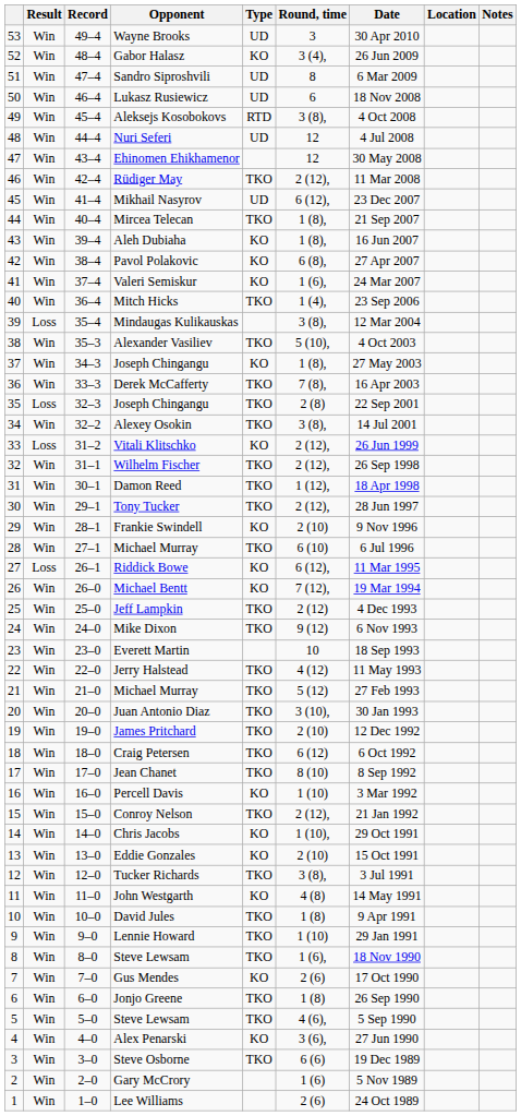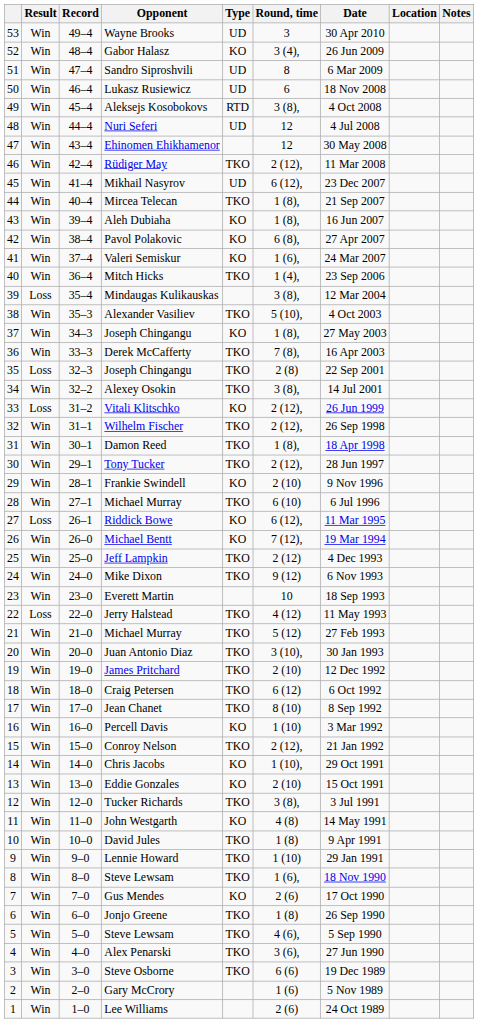 <table class="wikitable" style="text-align:center">
 <tr>
 <th></th>
 <th>Result</th>
 <th>Record</th>
 <th>Opponent</th>
 <th>Type</th>
 <th>Round, time</th>
 <th>Date</th>
 <th>Location</th>
 <th>Notes</th>
 </tr>
 <tr>
 <td>53</td>
 <td>Win</td>
 <td>49–4</td>
 <td style="text-align:left;">Wayne Brooks</td>
 <td>UD</td>
 <td>3</td>
 <td>30 Apr 2010</td>
 <td style="text-align:left;"></td>
 <td style="text-align:left;"></td>
 </tr>
 <tr>
 <td>52</td>
 <td>Win</td>
 <td>48–4</td>
 <td style="text-align:left;">Gabor Halasz</td>
 <td>KO</td>
 <td>3 (4), </td>
 <td>26 Jun 2009</td>
 <td style="text-align:left;"></td>
 <td></td>
 </tr>
 <tr>
 <td>51</td>
 <td>Win</td>
 <td>47–4</td>
 <td style="text-align:left;">Sandro Siproshvili</td>
 <td>UD</td>
 <td>8</td>
 <td>6 Mar 2009</td>
 <td style="text-align:left;"></td>
 <td></td>
 </tr>
 <tr>
 <td>50</td>
 <td>Win</td>
 <td>46–4</td>
 <td style="text-align:left;">Lukasz Rusiewicz</td>
 <td>UD</td>
 <td>6</td>
 <td>18 Nov 2008</td>
 <td style="text-align:left;"></td>
 <td></td>
 </tr>
 <tr>
 <td>49</td>
 <td>Win</td>
 <td>45–4</td>
 <td style="text-align:left;">Aleksejs Kosobokovs</td>
 <td>RTD</td>
 <td>3 (8), </td>
 <td>4 Oct 2008</td>
 <td style="text-align:left;"></td>
 <td></td>
 </tr>
 <tr>
 <td>48</td>
 <td>Win</td>
 <td>44–4</td>
 <td style="text-align:left;"><a href='#'>Nuri Seferi</a></td>
 <td>UD</td>
 <td>12</td>
 <td>4 Jul 2008</td>
 <td style="text-align:left;"></td>
 <td style="text-align:left;"></td>
 </tr>
 <tr>
 <td>47</td>
 <td>Win</td>
 <td>43–4</td>
 <td style="text-align:left;"><a href='#'>Ehinomen Ehikhamenor</a></td>
 <td></td>
 <td>12</td>
 <td>30 May 2008</td>
 <td style="text-align:left;"></td>
 <td style="text-align:left;"></td>
 </tr>
 <tr>
 <td>46</td>
 <td>Win</td>
 <td>42–4</td>
 <td style="text-align:left;"><a href='#'>Rüdiger May</a></td>
 <td>TKO</td>
 <td>2 (12), </td>
 <td>11 Mar 2008</td>
 <td style="text-align:left;"></td>
 <td style="text-align:left;"></td>
 </tr>
 <tr>
 <td>45</td>
 <td>Win</td>
 <td>41–4</td>
 <td style="text-align:left;">Mikhail Nasyrov</td>
 <td>UD</td>
 <td>6 (12), </td>
 <td>23 Dec 2007</td>
 <td style="text-align:left;"></td>
 <td style="text-align:left;"></td>
 </tr>
 <tr>
 <td>44</td>
 <td>Win</td>
 <td>40–4</td>
 <td style="text-align:left;">Mircea Telecan</td>
 <td>TKO</td>
 <td>1 (8), </td>
 <td>21 Sep 2007</td>
 <td style="text-align:left;"></td>
 <td></td>
 </tr>
 <tr>
 <td>43</td>
 <td>Win</td>
 <td>39–4</td>
 <td style="text-align:left;">Aleh Dubiaha</td>
 <td>KO</td>
 <td>1 (8), </td>
 <td>16 Jun 2007</td>
 <td style="text-align:left;"></td>
 <td></td>
 </tr>
 <tr>
 <td>42</td>
 <td>Win</td>
 <td>38–4</td>
 <td style="text-align:left;">Pavol Polakovic</td>
 <td>KO</td>
 <td>6 (8), </td>
 <td>27 Apr 2007</td>
 <td style="text-align:left;"></td>
 <td></td>
 </tr>
 <tr>
 <td>41</td>
 <td>Win</td>
 <td>37–4</td>
 <td style="text-align:left;">Valeri Semiskur</td>
 <td>KO</td>
 <td>1 (6), </td>
 <td>24 Mar 2007</td>
 <td style="text-align:left;"></td>
 <td></td>
 </tr>
 <tr>
 <td>40</td>
 <td>Win</td>
 <td>36–4</td>
 <td style="text-align:left;">Mitch Hicks</td>
 <td>TKO</td>
 <td>1 (4), </td>
 <td>23 Sep 2006</td>
 <td style="text-align:left;"></td>
 <td></td>
 </tr>
 <tr>
 <td>39</td>
 <td>Loss</td>
 <td>35–4</td>
 <td style="text-align:left;">Mindaugas Kulikauskas</td>
 <td></td>
 <td>3 (8), </td>
 <td>12 Mar 2004</td>
 <td style="text-align:left;"></td>
 <td></td>
 </tr>
 <tr>
 <td>38</td>
 <td>Win</td>
 <td>35–3</td>
 <td style="text-align:left;">Alexander Vasiliev</td>
 <td>TKO</td>
 <td>5 (10), </td>
 <td>4 Oct 2003</td>
 <td style="text-align:left;"></td>
 <td></td>
 </tr>
 <tr>
 <td>37</td>
 <td>Win</td>
 <td>34–3</td>
 <td style="text-align:left;">Joseph Chingangu</td>
 <td>KO</td>
 <td>1 (8), </td>
 <td>27 May 2003</td>
 <td style="text-align:left;"></td>
 <td></td>
 </tr>
 <tr>
 <td>36</td>
 <td>Win</td>
 <td>33–3</td>
 <td style="text-align:left;">Derek McCafferty</td>
 <td>TKO</td>
 <td>7 (8), </td>
 <td>16 Apr 2003</td>
 <td style="text-align:left;"></td>
 <td></td>
 </tr>
 <tr>
 <td>35</td>
 <td>Loss</td>
 <td>32–3</td>
 <td style="text-align:left;">Joseph Chingangu</td>
 <td>TKO</td>
 <td>2 (8)</td>
 <td>22 Sep 2001</td>
 <td style="text-align:left;"></td>
 <td></td>
 </tr>
 <tr>
 <td>34</td>
 <td>Win</td>
 <td>32–2</td>
 <td style="text-align:left;">Alexey Osokin</td>
 <td>TKO</td>
 <td>3 (8), </td>
 <td>14 Jul 2001</td>
 <td style="text-align:left;"></td>
 <td></td>
 </tr>
 <tr>
 <td>33</td>
 <td>Loss</td>
 <td>31–2</td>
 <td style="text-align:left;"><a href='#'>Vitali Klitschko</a></td>
 <td>KO</td>
 <td>2 (12), </td>
 <td><a href='#'>26 Jun 1999</a></td>
 <td style="text-align:left;"></td>
 <td style="text-align:left;"></td>
 </tr>
 <tr>
 <td>32</td>
 <td>Win</td>
 <td>31–1</td>
 <td style="text-align:left;"><a href='#'>Wilhelm Fischer</a></td>
 <td>TKO</td>
 <td>2 (12), </td>
 <td>26 Sep 1998</td>
 <td style="text-align:left;"></td>
 <td style="text-align:left;"></td>
 </tr>
 <tr>
 <td>31</td>
 <td>Win</td>
 <td>30–1</td>
 <td style="text-align:left;">Damon Reed</td>
 <td>TKO</td>
-<td>1 (12), </td>
+<td>1 (8), </td>
 <td><a href='#'>18 Apr 1998</a></td>
 <td style="text-align:left;"></td>
 <td style="text-align:left;"></td>
 </tr>
 <tr>
 <td>30</td>
 <td>Win</td>
 <td>29–1</td>
 <td style="text-align:left;"><a href='#'>Tony Tucker</a></td>
 <td>TKO</td>
 <td>2 (12), </td>
 <td>28 Jun 1997</td>
 <td style="text-align:left;"></td>
 <td style="text-align:left;"></td>
 </tr>
 <tr>
 <td>29</td>
 <td>Win</td>
 <td>28–1</td>
 <td style="text-align:left;">Frankie Swindell</td>
 <td>KO</td>
 <td>2 (10)</td>
 <td>9 Nov 1996</td>
 <td style="text-align:left;"></td>
 <td></td>
 </tr>
 <tr>
 <td>28</td>
 <td>Win</td>
 <td>27–1</td>
 <td style="text-align:left;">Michael Murray</td>
 <td>TKO</td>
 <td>6 (10)</td>
 <td>6 Jul 1996</td>
 <td style="text-align:left;"></td>
 <td></td>
 </tr>
 <tr>
 <td>27</td>
 <td>Loss</td>
 <td>26–1</td>
 <td style="text-align:left;"><a href='#'>Riddick Bowe</a></td>
 <td>KO</td>
 <td>6 (12), </td>
 <td><a href='#'>11 Mar 1995</a></td>
 <td style="text-align:left;"></td>
 <td style="text-align:left;"></td>
 </tr>
 <tr>
 <td>26</td>
 <td>Win</td>
 <td>26–0</td>
 <td style="text-align:left;"><a href='#'>Michael Bentt</a></td>
 <td>KO</td>
 <td>7 (12), </td>
 <td><a href='#'>19 Mar 1994</a></td>
 <td style="text-align:left;"></td>
 <td style="text-align:left;"></td>
 </tr>
 <tr>
 <td>25</td>
 <td>Win</td>
 <td>25–0</td>
 <td style="text-align:left;"><a href='#'>Jeff Lampkin</a></td>
 <td>TKO</td>
 <td>2 (12)</td>
 <td>4 Dec 1993</td>
 <td style="text-align:left;"></td>
 <td style="text-align:left;"></td>
 </tr>
 <tr>
 <td>24</td>
 <td>Win</td>
 <td>24–0</td>
 <td style="text-align:left;">Mike Dixon</td>
 <td>TKO</td>
 <td>9 (12)</td>
 <td>6 Nov 1993</td>
 <td style="text-align:left;"></td>
 <td style="text-align:left;"></td>
 </tr>
 <tr>
 <td>23</td>
 <td>Win</td>
 <td>23–0</td>
 <td style="text-align:left;">Everett Martin</td>
 <td></td>
 <td>10</td>
 <td>18 Sep 1993</td>
 <td style="text-align:left;"></td>
 <td></td>
 </tr>
 <tr>
 <td>22</td>
-<td>Win</td>
+<td>Loss</td>
 <td>22–0</td>
 <td style="text-align:left;">Jerry Halstead</td>
 <td>TKO</td>
 <td>4 (12)</td>
 <td>11 May 1993</td>
 <td style="text-align:left;"></td>
 <td style="text-align:left;"></td>
 </tr>
 <tr>
 <td>21</td>
 <td>Win</td>
 <td>21–0</td>
 <td style="text-align:left;">Michael Murray</td>
 <td>TKO</td>
 <td>5 (12)</td>
 <td>27 Feb 1993</td>
 <td style="text-align:left;"></td>
 <td style="text-align:left;"></td>
 </tr>
 <tr>
 <td>20</td>
 <td>Win</td>
 <td>20–0</td>
 <td style="text-align:left;">Juan Antonio Diaz</td>
 <td>TKO</td>
 <td>3 (10), </td>
 <td>30 Jan 1993</td>
 <td style="text-align:left;"></td>
 <td style="text-align:left;"></td>
 </tr>
 <tr>
 <td>19</td>
 <td>Win</td>
 <td>19–0</td>
 <td style="text-align:left;"><a href='#'>James Pritchard</a></td>
 <td>TKO</td>
 <td>2 (10)</td>
 <td>12 Dec 1992</td>
 <td style="text-align:left;"></td>
 <td></td>
 </tr>
 <tr>
 <td>18</td>
 <td>Win</td>
 <td>18–0</td>
 <td style="text-align:left;">Craig Petersen</td>
 <td>TKO</td>
 <td>6 (12)</td>
 <td>6 Oct 1992</td>
 <td style="text-align:left;"></td>
 <td style="text-align:left;"></td>
 </tr>
 <tr>
 <td>17</td>
 <td>Win</td>
 <td>17–0</td>
 <td style="text-align:left;">Jean Chanet</td>
 <td>TKO</td>
 <td>8 (10)</td>
 <td>8 Sep 1992</td>
 <td style="text-align:left;"></td>
 <td></td>
 </tr>
 <tr>
 <td>16</td>
 <td>Win</td>
 <td>16–0</td>
 <td style="text-align:left;">Percell Davis</td>
 <td>KO</td>
 <td>1 (10)</td>
 <td>3 Mar 1992</td>
 <td style="text-align:left;"></td>
 <td></td>
 </tr>
 <tr>
 <td>15</td>
 <td>Win</td>
 <td>15–0</td>
 <td style="text-align:left;">Conroy Nelson</td>
 <td>TKO</td>
 <td>2 (12), </td>
 <td>21 Jan 1992</td>
 <td style="text-align:left;"></td>
 <td style="text-align:left;"></td>
 </tr>
 <tr>
 <td>14</td>
 <td>Win</td>
 <td>14–0</td>
 <td style="text-align:left;">Chris Jacobs</td>
 <td>KO</td>
 <td>1 (10), </td>
 <td>29 Oct 1991</td>
 <td style="text-align:left;"></td>
 <td></td>
 </tr>
 <tr>
 <td>13</td>
 <td>Win</td>
 <td>13–0</td>
 <td style="text-align:left;">Eddie Gonzales</td>
 <td>KO</td>
 <td>2 (10)</td>
 <td>15 Oct 1991</td>
 <td style="text-align:left;"></td>
 <td></td>
 </tr>
 <tr>
 <td>12</td>
 <td>Win</td>
 <td>12–0</td>
 <td style="text-align:left;">Tucker Richards</td>
 <td>TKO</td>
 <td>3 (8), </td>
 <td>3 Jul 1991</td>
 <td style="text-align:left;"></td>
 <td></td>
 </tr>
 <tr>
 <td>11</td>
 <td>Win</td>
 <td>11–0</td>
 <td style="text-align:left;">John Westgarth</td>
 <td>KO</td>
 <td>4 (8)</td>
 <td>14 May 1991</td>
 <td style="text-align:left;"></td>
 <td></td>
 </tr>
 <tr>
 <td>10</td>
 <td>Win</td>
 <td>10–0</td>
 <td style="text-align:left;">David Jules</td>
 <td>TKO</td>
 <td>1 (8)</td>
 <td>9 Apr 1991</td>
 <td style="text-align:left;"></td>
 <td></td>
 </tr>
 <tr>
 <td>9</td>
 <td>Win</td>
 <td>9–0</td>
 <td style="text-align:left;">Lennie Howard</td>
 <td>TKO</td>
 <td>1 (10)</td>
 <td>29 Jan 1991</td>
 <td style="text-align:left;"></td>
 <td></td>
 </tr>
 <tr>
 <td>8</td>
 <td>Win</td>
 <td>8–0</td>
 <td style="text-align:left;">Steve Lewsam</td>
 <td>TKO</td>
 <td>1 (6), </td>
 <td><a href='#'>18 Nov 1990</a></td>
 <td style="text-align:left;"></td>
 <td></td>
 </tr>
 <tr>
 <td>7</td>
 <td>Win</td>
 <td>7–0</td>
 <td style="text-align:left;">Gus Mendes</td>
 <td>KO</td>
 <td>2 (6)</td>
 <td>17 Oct 1990</td>
 <td style="text-align:left;"></td>
 <td></td>
 </tr>
 <tr>
 <td>6</td>
 <td>Win</td>
 <td>6–0</td>
 <td style="text-align:left;">Jonjo Greene</td>
 <td>TKO</td>
 <td>1 (8)</td>
 <td>26 Sep 1990</td>
 <td style="text-align:left;"></td>
 <td></td>
 </tr>
 <tr>
 <td>5</td>
 <td>Win</td>
 <td>5–0</td>
 <td style="text-align:left;">Steve Lewsam</td>
 <td>TKO</td>
 <td>4 (6), </td>
 <td>5 Sep 1990</td>
 <td style="text-align:left;"></td>
 <td></td>
 </tr>
 <tr>
 <td>4</td>
 <td>Win</td>
 <td>4–0</td>
 <td style="text-align:left;">Alex Penarski</td>
-<td>KO</td>
+<td>TKO</td>
 <td>3 (6), </td>
 <td>27 Jun 1990</td>
 <td style="text-align:left;"></td>
 <td></td>
 </tr>
 <tr>
 <td>3</td>
 <td>Win</td>
 <td>3–0</td>
 <td style="text-align:left;">Steve Osborne</td>
 <td>TKO</td>
 <td>6 (6)</td>
 <td>19 Dec 1989</td>
 <td style="text-align:left;"></td>
 <td></td>
 </tr>
 <tr>
 <td>2</td>
 <td>Win</td>
 <td>2–0</td>
 <td style="text-align:left;">Gary McCrory</td>
 <td></td>
 <td>1 (6)</td>
 <td>5 Nov 1989</td>
 <td style="text-align:left;"></td>
 <td></td>
 </tr>
 <tr>
 <td>1</td>
 <td>Win</td>
 <td>1–0</td>
 <td style="text-align:left;">Lee Williams</td>
 <td></td>
 <td>2 (6)</td>
 <td>24 Oct 1989</td>
 <td style="text-align:left;"></td>
 <td></td>
 </tr>
 </table>
